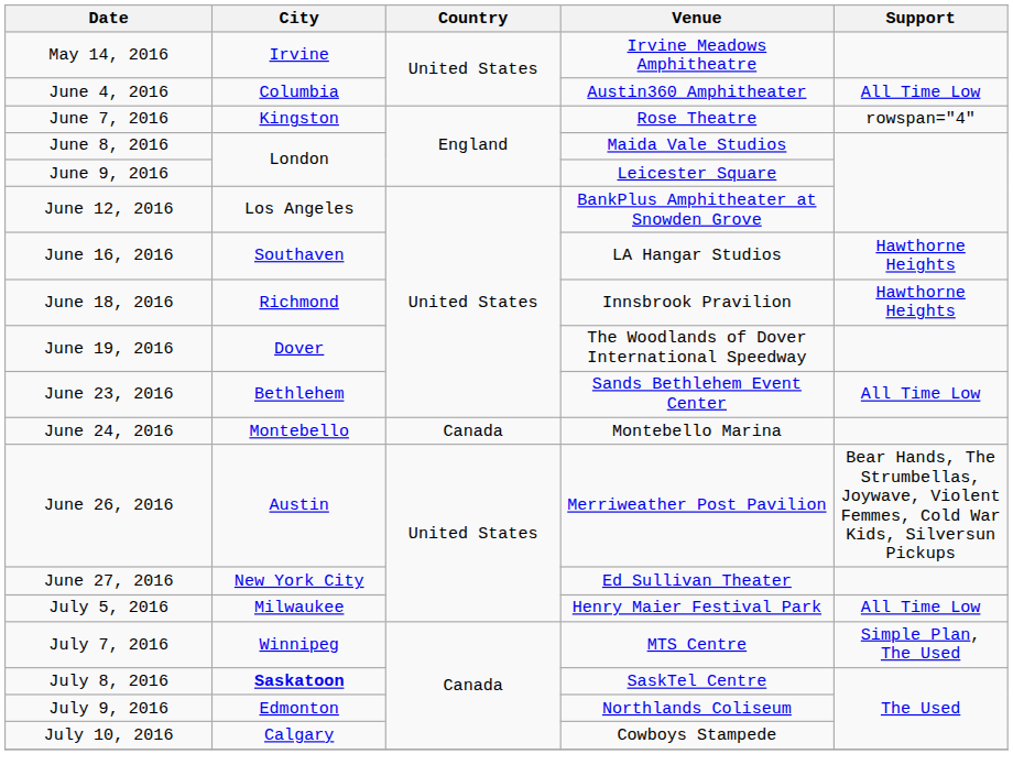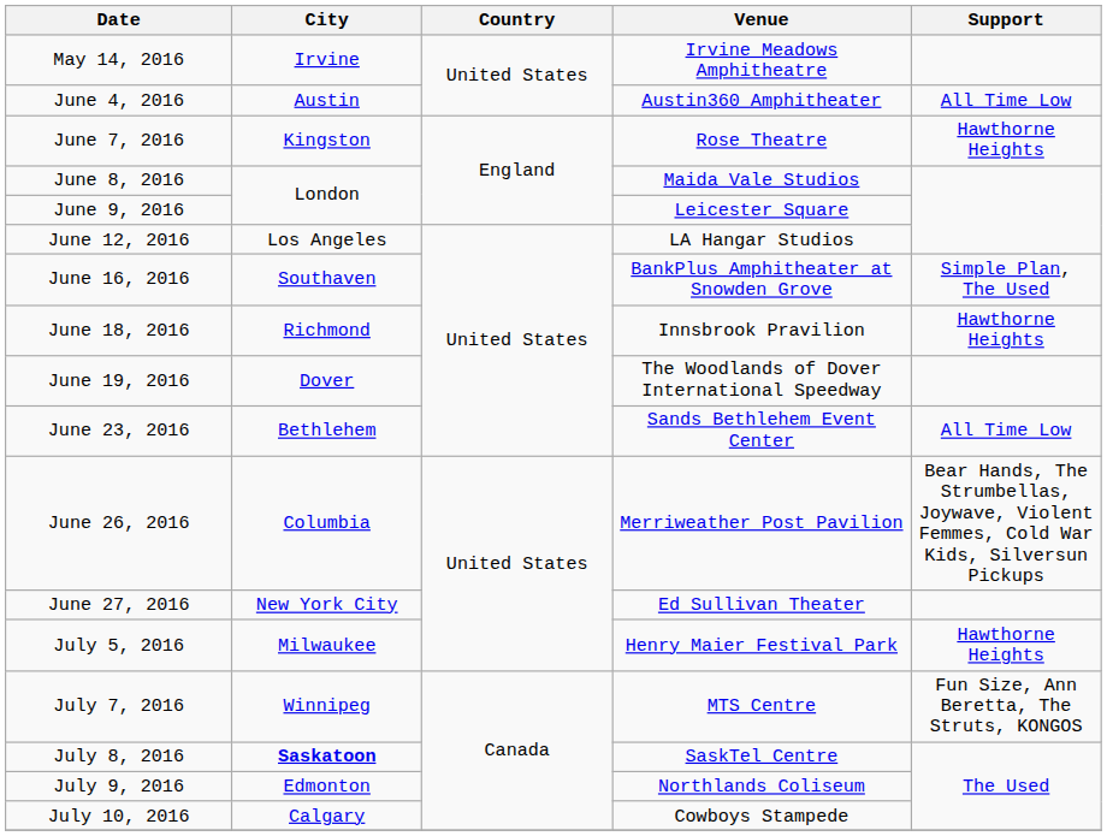 <table class="wikitable plainrowheaders" style="text-align:center;">
 <tr>
 <th scope="col" style="width:12em;">Date</th>
 <th scope="col" style="width:10em;">City</th>
 <th scope="col" style="width:10em;">Country</th>
 <th scope="col" style="width:16em;">Venue</th>
 <th scope="col" style="width:10em;">Support</th>
 </tr>
 <tr>
 <td>May 14, 2016</td>
 <td><a href='#'>Irvine</a></td>
 <td rowspan="2">United States</td>
 <td><a href='#'>Irvine Meadows Amphitheatre</a></td>
 <td></td>
 </tr>
 <tr>
 <td>June 4, 2016</td>
-<td><a href='#'>Columbia</a></td>
+<td><a href='#'>Austin</a></td>
 <td><a href='#'>Austin360 Amphitheater</a></td>
 <td><a href='#'>All Time Low</a></td>
 </tr>
 <tr>
 <td>June 7, 2016</td>
 <td><a href='#'>Kingston</a></td>
 <td rowspan="3">England</td>
 <td><a href='#'>Rose Theatre</a></td>
-<td>rowspan="4" </td>
+<td><a href='#'>Hawthorne Heights</a></td>
 </tr>
 <tr>
 <td>June 8, 2016</td>
 <td rowspan="2">London</td>
 <td><a href='#'>Maida Vale Studios</a></td>
 </tr>
 <tr>
 <td>June 9, 2016</td>
 <td><a href='#'>Leicester Square</a></td>
 </tr>
 <tr>
 <td>June 12, 2016</td>
 <td>Los Angeles</td>
 <td rowspan="5">United States</td>
-<td><a href='#'>BankPlus Amphitheater at Snowden Grove</a></td>
+<td>LA Hangar Studios</td>
 </tr>
 <tr>
 <td>June 16, 2016</td>
 <td><a href='#'>Southaven</a></td>
-<td>LA Hangar Studios</td>
-<td><a href='#'>Hawthorne Heights</a></td>
+<td><a href='#'>BankPlus Amphitheater at Snowden Grove</a></td>
+<td><a href='#'>Simple Plan</a>,<br><a href='#'>The Used</a></td>
 </tr>
 <tr>
 <td>June 18, 2016</td>
 <td><a href='#'>Richmond</a></td>
 <td>Innsbrook Pravilion</td>
 <td><a href='#'>Hawthorne Heights</a></td>
 </tr>
 <tr>
 <td>June 19, 2016</td>
 <td><a href='#'>Dover</a></td>
 <td>The Woodlands of Dover International Speedway</td>
 <td></td>
 </tr>
 <tr>
 <td>June 23, 2016</td>
 <td><a href='#'>Bethlehem</a></td>
 <td><a href='#'>Sands Bethlehem Event Center</a></td>
 <td><a href='#'>All Time Low</a></td>
 </tr>
 <tr>
-<td>June 24, 2016</td>
-<td><a href='#'>Montebello</a></td>
-<td>Canada</td>
-<td>Montebello Marina</td>
-<td></td>
-</tr>
-<tr>
 <td>June 26, 2016</td>
-<td><a href='#'>Austin</a></td>
+<td><a href='#'>Columbia</a></td>
 <td rowspan="3">United States</td>
 <td><a href='#'>Merriweather Post Pavilion</a></td>
 <td>Bear Hands, The Strumbellas, Joywave, Violent Femmes, Cold War Kids, Silversun Pickups</td>
 </tr>
 <tr>
 <td>June 27, 2016</td>
 <td><a href='#'>New York City</a></td>
 <td><a href='#'>Ed Sullivan Theater</a></td>
 <td></td>
 </tr>
 <tr>
 <td>July 5, 2016</td>
 <td><a href='#'>Milwaukee</a></td>
 <td><a href='#'>Henry Maier Festival Park</a></td>
-<td><a href='#'>All Time Low</a></td>
+<td><a href='#'>Hawthorne Heights</a></td>
 </tr>
 <tr>
 <td>July 7, 2016</td>
 <td><a href='#'>Winnipeg</a></td>
 <td rowspan="4">Canada</td>
 <td><a href='#'>MTS Centre</a></td>
-<td><a href='#'>Simple Plan</a>,<br><a href='#'>The Used</a></td>
+<td>Fun Size, Ann Beretta, The Struts, KONGOS</td>
 </tr>
 <tr>
 <td>July 8, 2016</td>
 <td><strong><a href='#'>Saskatoon</a></strong></td>
 <td><a href='#'>SaskTel Centre</a></td>
 <td rowspan="3"><a href='#'>The Used</a></td>
 </tr>
 <tr>
 <td>July 9, 2016</td>
 <td><a href='#'>Edmonton</a></td>
 <td><a href='#'>Northlands Coliseum</a></td>
 </tr>
 <tr>
 <td>July 10, 2016</td>
 <td><a href='#'>Calgary</a></td>
 <td>Cowboys Stampede</td>
 </tr>
 <tr>
 </tr>
 </table>
